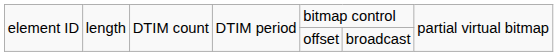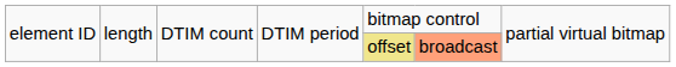 <table class="wikitable">
 <tr>
 <td rowspan=2>element ID</td>
 <td rowspan=2>length</td>
 <td rowspan=2>DTIM count</td>
 <td rowspan=2>DTIM period</td>
 <td colspan=2>bitmap control</td>
 <td rowspan=2>partial virtual bitmap</td>
 </tr>
 <tr>
-<td>offset</td>
-<td>broadcast</td>
+<td style="background: khaki;">offset</td>
+<td style="background: lightsalmon;">broadcast</td>
 </tr>
 </table>
